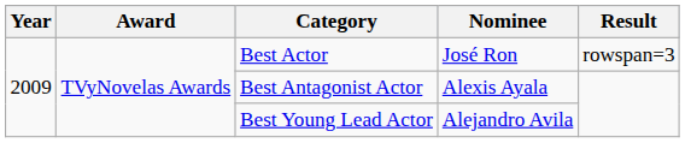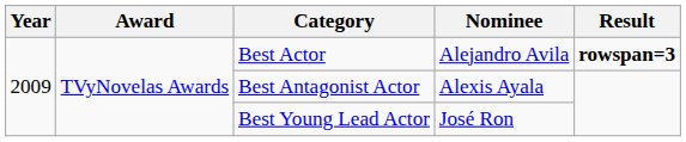 <table class="wikitable">
 <tr style="background:#b0c4de;">
 <th>Year</th>
 <th>Award</th>
 <th>Category</th>
 <th>Nominee</th>
 <th>Result</th>
 </tr>
 <tr>
 <td rowspan=3>2009</td>
 <td rowspan=3><a href='#'>TVyNovelas Awards</a></td>
 <td><a href='#'>Best Actor</a></td>
-<td><a href='#'>José Ron</a></td>
-<td>rowspan=3 </td>
+<td><a href='#'>Alejandro Avila</a></td>
+<td><strong>rowspan=3 </strong></td>
 </tr>
 <tr>
 <td><a href='#'>Best Antagonist Actor</a></td>
 <td><a href='#'>Alexis Ayala</a></td>
 </tr>
 <tr>
 <td><a href='#'>Best Young Lead Actor</a></td>
-<td><a href='#'>Alejandro Avila</a></td>
+<td><a href='#'>José Ron</a></td>
 </tr>
 </table>
